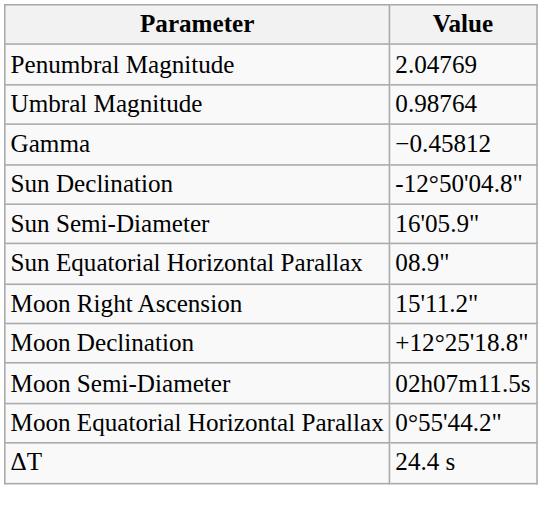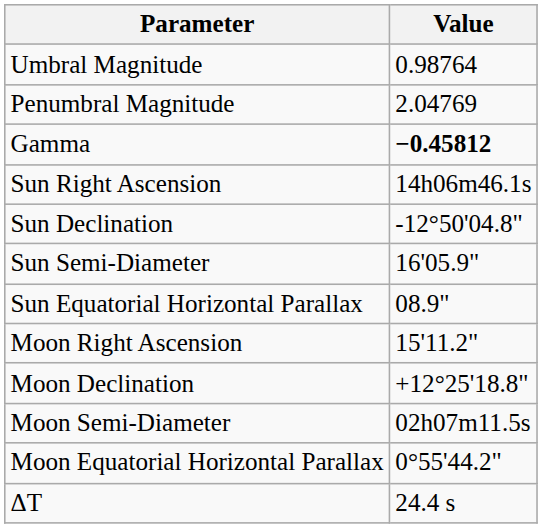 <table class="wikitable">
 <tr>
 <th>Parameter</th>
 <th>Value</th>
 </tr>
 <tr>
+<td>Umbral Magnitude</td>
+<td>0.98764</td>
+</tr>
+<tr>
 <td>Penumbral Magnitude</td>
 <td>2.04769</td>
 </tr>
 <tr>
-<td>Umbral Magnitude</td>
-<td>0.98764</td>
+<td>Gamma</td>
+<td><strong>−0.45812</strong></td>
 </tr>
 <tr>
-<td>Gamma</td>
-<td>−0.45812</td>
+<td>Sun Right Ascension</td>
+<td>14h06m46.1s</td>
 </tr>
 <tr>
 <td>Sun Declination</td>
 <td>-12°50'04.8"</td>
 </tr>
 <tr>
 <td>Sun Semi-Diameter</td>
 <td>16'05.9"</td>
 </tr>
 <tr>
 <td>Sun Equatorial Horizontal Parallax</td>
 <td>08.9"</td>
 </tr>
 <tr>
 <td>Moon Right Ascension</td>
 <td>15'11.2"</td>
 </tr>
 <tr>
 <td>Moon Declination</td>
 <td>+12°25'18.8"</td>
 </tr>
 <tr>
 <td>Moon Semi-Diameter</td>
 <td>02h07m11.5s</td>
 </tr>
 <tr>
 <td>Moon Equatorial Horizontal Parallax</td>
 <td>0°55'44.2"</td>
 </tr>
 <tr>
 <td>ΔT</td>
 <td>24.4 s</td>
 </tr>
 </table>
